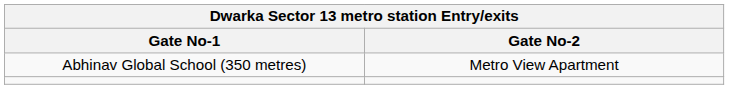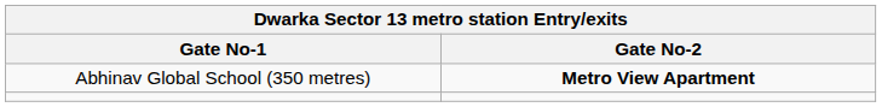 <table class="wikitable" style="text-align: center;" width="60%">
 <tr>
 <th align="center" colspan="5" style="background:#"><span>Dwarka Sector 13 metro station Entry/exits</span></th>
 </tr>
 <tr>
 <th style="width:30%;">Gate No-1</th>
 <th style="width:30%;">Gate No-2</th>
 </tr>
 <tr>
 <td>Abhinav Global School (350 metres)</td>
-<td>Metro View Apartment</td>
+<td><strong>Metro View Apartment</strong></td>
 </tr>
 <tr>
 <td></td>
 <td></td>
 </tr>
 </table>
